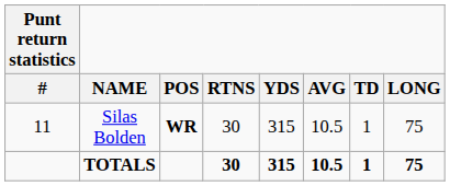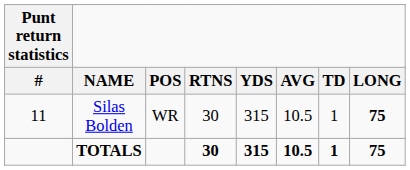 <table style="width:60%; text-align:center;" class="wikitable collapsible collapsed">
 <tr>
 <th style="text-align:center; ">Punt return statistics</th>
 </tr>
 <tr>
 <th>#</th>
 <th>NAME</th>
 <th>POS</th>
 <th>RTNS</th>
 <th>YDS</th>
 <th>AVG</th>
 <th>TD</th>
 <th>LONG</th>
 </tr>
 <tr style="text-align:center">
 <td>11</td>
 <td><a href='#'>Silas Bolden</a></td>
-<td><strong>WR</strong></td>
+<td>WR</td>
 <td>30</td>
 <td>315</td>
 <td>10.5</td>
 <td>1</td>
-<td>75</td>
+<td><strong>75</strong></td>
 </tr>
 <tr style="text-align:center">
 <td></td>
 <td><strong>TOTALS</strong></td>
 <td></td>
 <td><strong>30</strong></td>
 <td><strong>315</strong></td>
 <td><strong>10.5</strong></td>
 <td><strong>1</strong></td>
 <td><strong>75</strong></td>
 </tr>
 </table>
